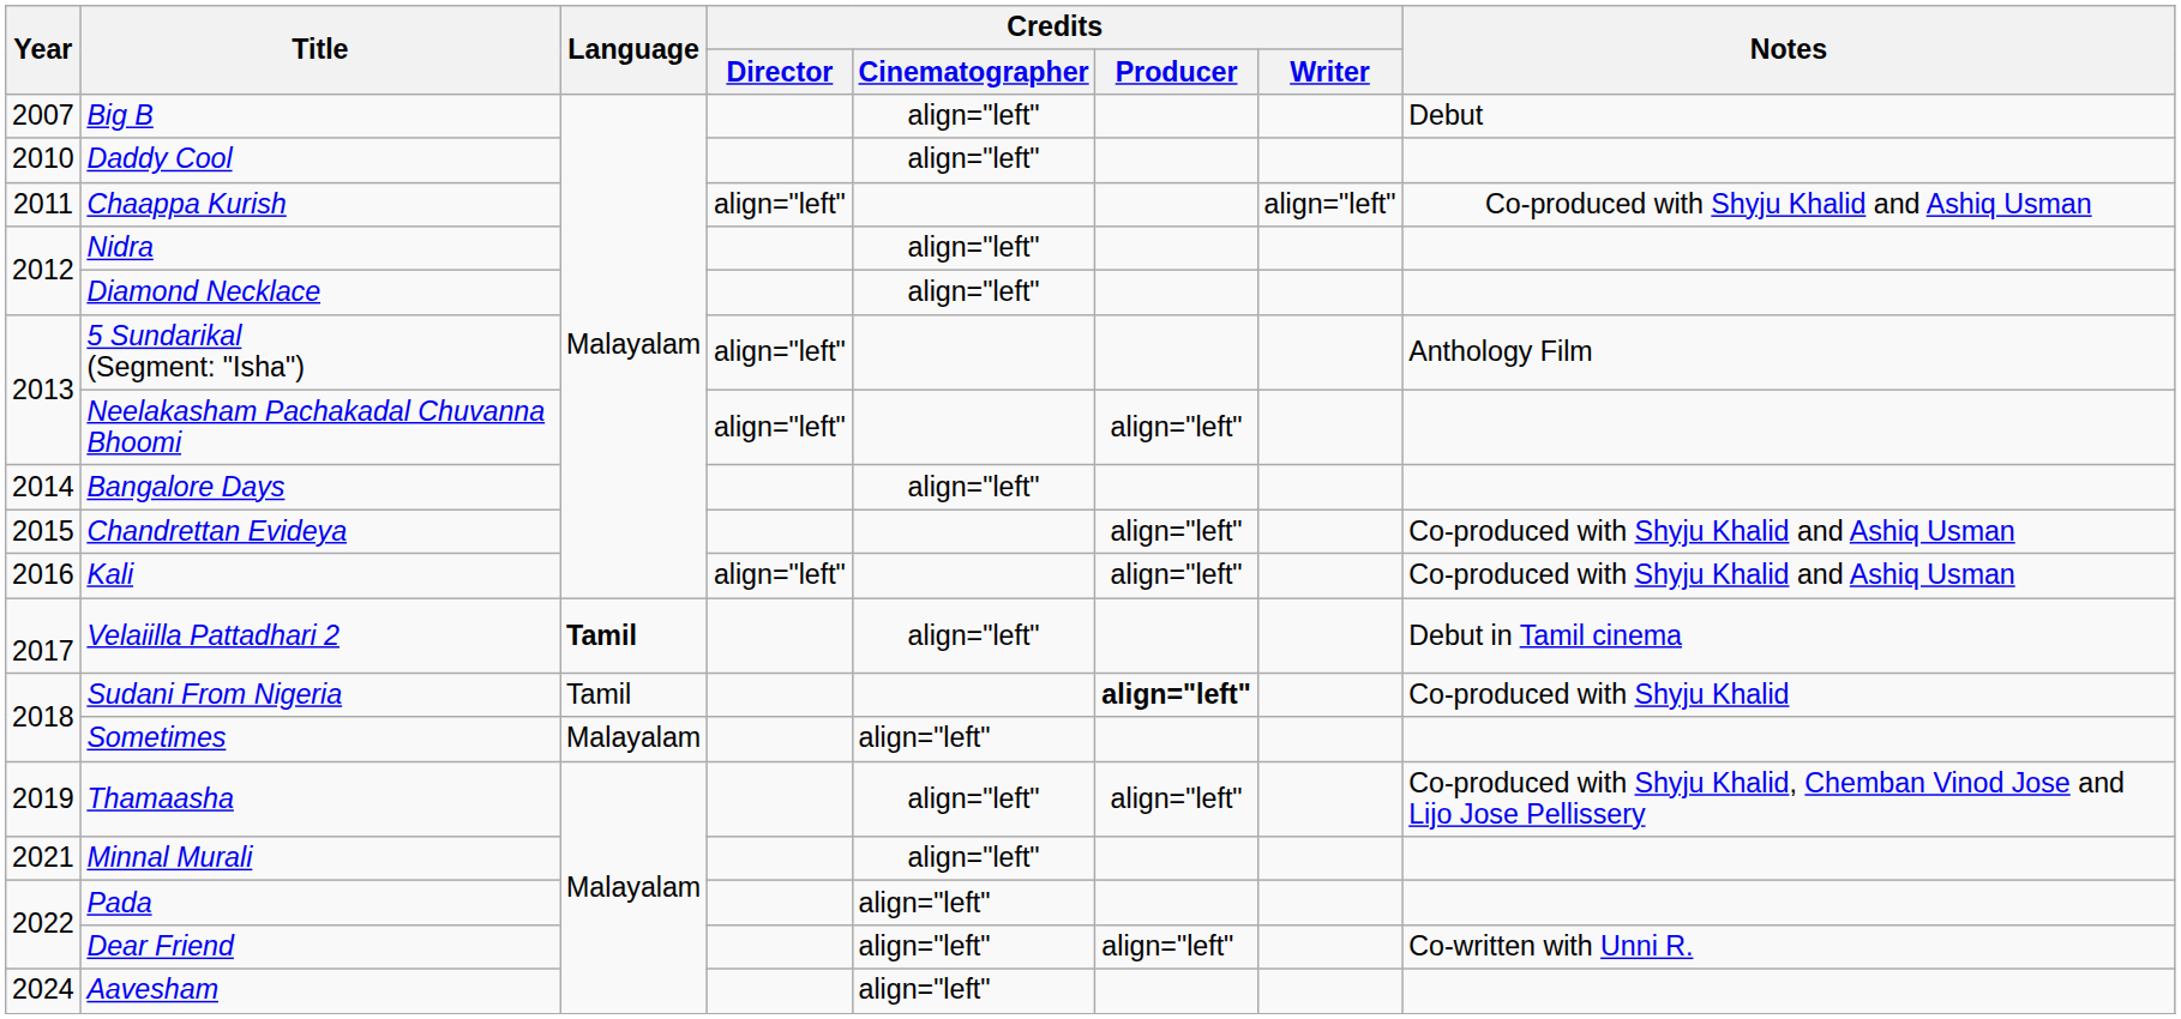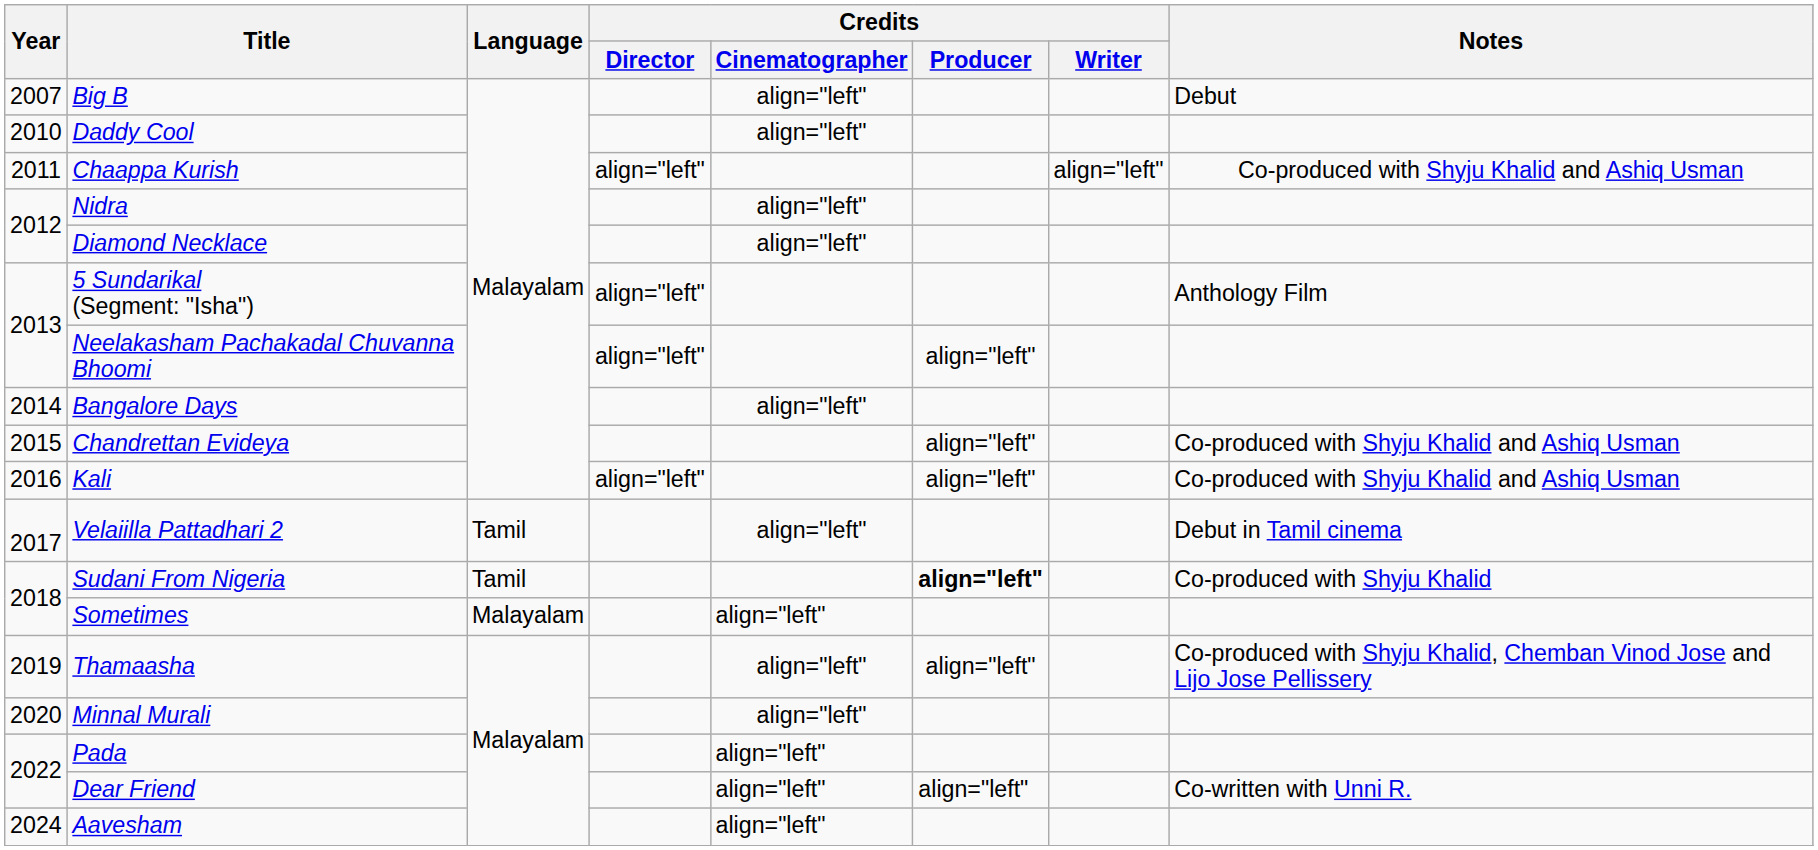 <table class="wikitable sortable">
 <tr>
 <th rowspan="2" width="33">Year</th>
 <th rowspan="2">Title</th>
 <th rowspan="2">Language</th>
 <th colspan="4">Credits</th>
 <th rowspan="2">Notes</th>
 </tr>
 <tr>
 <th width=65><a href='#'>Director</a></th>
 <th width="65"><a href='#'>Cinematographer</a></th>
 <th width=65><a href='#'>Producer</a></th>
 <th width=65><a href='#'>Writer</a></th>
 </tr>
 <tr align="center">
 <td align="center" rowspan="1">2007</td>
 <td align="left"><em><a href='#'>Big B</a></em></td>
 <td rowspan="10" align="left">Malayalam</td>
 <td></td>
 <td>align="left" </td>
 <td></td>
 <td></td>
 <td align="left">Debut</td>
 </tr>
 <tr align="center">
 <td align="center" rowspan="1">2010</td>
 <td align="left"><em><a href='#'>Daddy Cool</a></em></td>
 <td></td>
 <td>align="left" </td>
 <td></td>
 <td></td>
 <td align="left"></td>
 </tr>
 <tr align="center">
 <td align="center" rowspan="1">2011</td>
 <td align="left"><em><a href='#'>Chaappa Kurish</a></em></td>
 <td>align="left" </td>
 <td></td>
 <td></td>
 <td>align="left" </td>
 <td>Co-produced with <a href='#'>Shyju Khalid</a> and <a href='#'>Ashiq Usman</a></td>
 </tr>
 <tr align="center">
 <td align="center" rowspan="2">2012</td>
 <td align="left"><em><a href='#'>Nidra</a></em></td>
 <td></td>
 <td>align="left" </td>
 <td></td>
 <td></td>
 <td align="left"></td>
 </tr>
 <tr align="center">
 <td align="left"><em><a href='#'>Diamond Necklace</a></em></td>
 <td></td>
 <td>align="left" </td>
 <td></td>
 <td></td>
 <td align="left"></td>
 </tr>
 <tr align="center">
 <td align="center" rowspan="2">2013</td>
 <td align="left"><em><a href='#'>5 Sundarikal</a></em><br>(Segment: "Isha")</td>
 <td>align="left" </td>
 <td></td>
 <td></td>
 <td></td>
 <td align="left">Anthology Film</td>
 </tr>
 <tr align="center">
 <td align="left"><em><a href='#'>Neelakasham Pachakadal Chuvanna Bhoomi</a></em></td>
 <td>align="left" </td>
 <td></td>
 <td>align="left" </td>
 <td></td>
 <td></td>
 </tr>
 <tr align="center">
 <td align="center" rowspan="1">2014</td>
 <td align="left"><em><a href='#'>Bangalore Days</a></em></td>
 <td></td>
 <td>align="left" </td>
 <td></td>
 <td></td>
 <td align="left"></td>
 </tr>
 <tr align="center">
 <td align="center" rowspan="1">2015</td>
 <td align="left"><em><a href='#'>Chandrettan Evideya</a></em></td>
 <td></td>
 <td></td>
 <td>align="left" </td>
 <td></td>
 <td align="left">Co-produced with <a href='#'>Shyju Khalid</a> and <a href='#'>Ashiq Usman</a></td>
 </tr>
 <tr align="center">
 <td align="center" rowspan="1">2016</td>
 <td align="left"><em><a href='#'>Kali</a></em></td>
 <td>align="left" </td>
 <td></td>
 <td>align="left" </td>
 <td></td>
 <td align="left">Co-produced with <a href='#'>Shyju Khalid</a> and <a href='#'>Ashiq Usman</a></td>
 </tr>
 <tr align="center">
 <td align="center" rowspan="1"><br>2017</td>
 <td align="left"><em><a href='#'>Velaiilla Pattadhari 2</a></em></td>
-<td align="left"><strong>Tamil</strong></td>
+<td align="left">Tamil</td>
 <td></td>
 <td>align="left" </td>
 <td></td>
 <td></td>
 <td align="left">Debut in <a href='#'>Tamil cinema</a></td>
 </tr>
 <tr align="center">
 <td align="center" rowspan="2">2018</td>
 <td align="left"><em><a href='#'>Sudani From Nigeria</a></em></td>
 <td align="left">Tamil</td>
 <td></td>
 <td></td>
 <td><strong>align="left" </strong></td>
 <td></td>
 <td align="left">Co-produced with <a href='#'>Shyju Khalid</a></td>
 </tr>
 <tr>
 <td align="left"><em><a href='#'>Sometimes</a></em></td>
 <td align="left">Malayalam</td>
 <td></td>
 <td>align="left" </td>
 <td></td>
 <td></td>
 <td align="left"></td>
 </tr>
 <tr align="center">
 <td>2019</td>
 <td align="left"><em><a href='#'>Thamaasha</a></em></td>
 <td rowspan="5" align="left">Malayalam</td>
 <td></td>
 <td>align="left" </td>
 <td>align="left" </td>
 <td></td>
 <td align="left">Co-produced with <a href='#'>Shyju Khalid</a>, <a href='#'>Chemban Vinod Jose</a> and <a href='#'>Lijo Jose Pellissery</a></td>
 </tr>
 <tr align="center">
-<td>2021</td>
+<td>2020</td>
 <td align="left"><em><a href='#'>Minnal Murali</a></em></td>
 <td></td>
 <td>align="left" </td>
 <td></td>
 <td></td>
 <td align="left"></td>
 </tr>
 <tr>
 <td rowspan=2>2022</td>
 <td><em><a href='#'>Pada</a></em></td>
 <td></td>
 <td>align="left" </td>
 <td></td>
 <td></td>
 <td></td>
 </tr>
 <tr>
 <td><em><a href='#'>Dear Friend</a></em></td>
 <td></td>
 <td>align="left" </td>
 <td>align="left" </td>
 <td></td>
 <td align="left">Co-written with <a href='#'>Unni R.</a></td>
 </tr>
 <tr>
 <td>2024</td>
 <td><em><a href='#'>Aavesham</a></em></td>
 <td></td>
 <td>align="left" </td>
 <td></td>
 <td></td>
 <td></td>
 </tr>
 <tr>
 </tr>
 </table>
